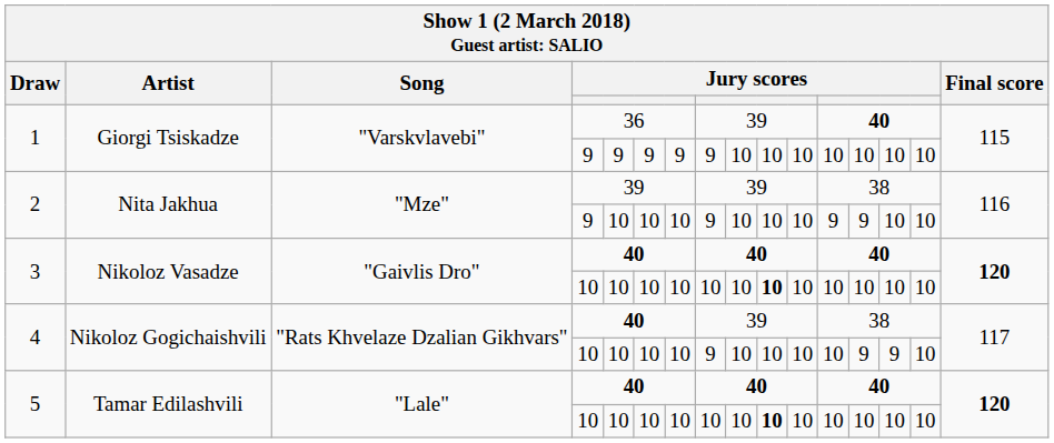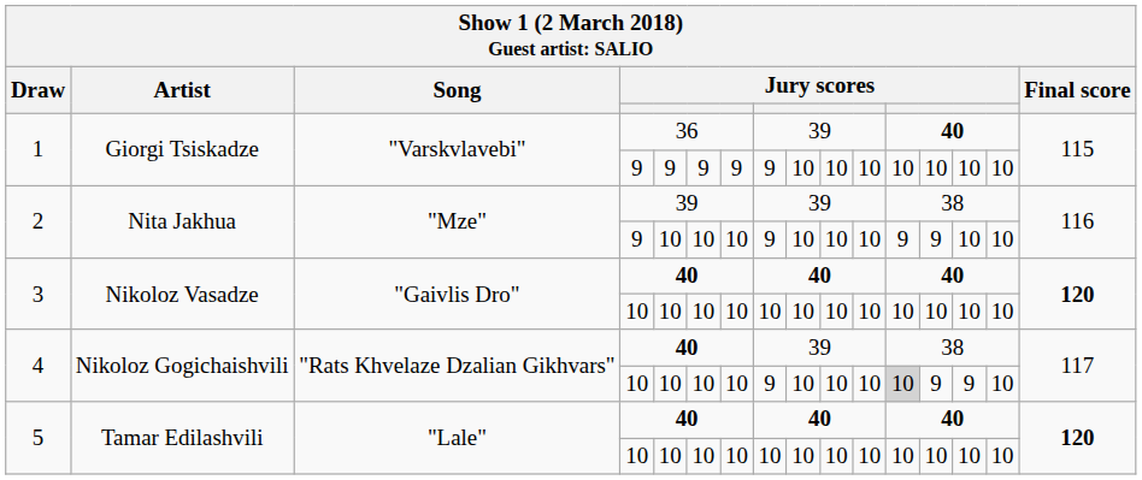 <table class="sortable wikitable" style="text-align:center;margin:1em auto 1em auto">
 <tr>
 <th colspan="16">Show 1 (2 March 2018)<br><small>Guest artist: SALIO</small></th>
 </tr>
 <tr>
 <th rowspan="2" scope="col">Draw</th>
 <th rowspan="2" scope="col">Artist</th>
 <th rowspan="2" scope="col">Song</th>
 <th colspan="12" scope="col">Jury scores</th>
 <th rowspan="2" scope="col">Final score</th>
 </tr>
 <tr>
 <th colspan="4" class="unsortable" scope="col"><small></small></th>
 <th colspan="4" class="unsortable" scope="col"><small></small></th>
 <th colspan="4" class="unsortable" scope="col"><small></small></th>
 </tr>
 <tr>
 <td rowspan="2">1</td>
 <td rowspan="2">Giorgi Tsiskadze</td>
 <td rowspan="2">"Varskvlavebi"<br></td>
 <td colspan="4">36</td>
 <td colspan="4">39</td>
 <td colspan="4"><strong>40</strong></td>
 <td rowspan="2">115</td>
 </tr>
 <tr>
 <td>9</td>
 <td>9</td>
 <td>9</td>
 <td>9</td>
 <td>9</td>
 <td>10</td>
 <td>10</td>
 <td>10</td>
 <td>10</td>
 <td>10</td>
 <td>10</td>
 <td>10</td>
 </tr>
 <tr>
 <td rowspan="2">2</td>
 <td rowspan="2">Nita Jakhua</td>
 <td rowspan="2">"Mze"<br></td>
 <td colspan="4">39</td>
 <td colspan="4">39</td>
 <td colspan="4">38</td>
 <td rowspan="2">116</td>
 </tr>
 <tr>
 <td>9</td>
 <td>10</td>
 <td>10</td>
 <td>10</td>
 <td>9</td>
 <td>10</td>
 <td>10</td>
 <td>10</td>
 <td>9</td>
 <td>9</td>
 <td>10</td>
 <td>10</td>
 </tr>
 <tr>
 <td rowspan="2">3</td>
 <td rowspan="2">Nikoloz Vasadze</td>
 <td rowspan="2">"Gaivlis Dro"<br></td>
 <td colspan="4"><strong>40</strong></td>
 <td colspan="4"><strong>40</strong></td>
 <td colspan="4"><strong>40</strong></td>
 <td rowspan="2"><strong>120</strong></td>
 </tr>
 <tr>
 <td>10</td>
 <td>10</td>
 <td>10</td>
 <td>10</td>
 <td>10</td>
 <td>10</td>
-<td><strong>10</strong></td>
+<td>10</td>
 <td>10</td>
 <td>10</td>
 <td>10</td>
 <td>10</td>
 <td>10</td>
 </tr>
 <tr>
 <td rowspan="2">4</td>
 <td rowspan="2">Nikoloz Gogichaishvili</td>
 <td rowspan="2">"Rats Khvelaze Dzalian Gikhvars"<br></td>
 <td colspan="4"><strong>40</strong></td>
 <td colspan="4">39</td>
 <td colspan="4">38</td>
 <td rowspan="2">117</td>
 </tr>
 <tr>
 <td>10</td>
 <td>10</td>
 <td>10</td>
 <td>10</td>
 <td>9</td>
 <td>10</td>
 <td>10</td>
 <td>10</td>
-<td>10</td>
+<td style="background: lightgrey;">10</td>
 <td>9</td>
 <td>9</td>
 <td>10</td>
 </tr>
 <tr>
 <td rowspan="2">5</td>
 <td rowspan="2">Tamar Edilashvili</td>
 <td rowspan="2">"Lale"<br></td>
 <td colspan="4"><strong>40</strong></td>
 <td colspan="4"><strong>40</strong></td>
 <td colspan="4"><strong>40</strong></td>
 <td rowspan="2"><strong>120</strong></td>
 </tr>
 <tr>
 <td>10</td>
 <td>10</td>
 <td>10</td>
 <td>10</td>
 <td>10</td>
 <td>10</td>
-<td><strong>10</strong></td>
+<td>10</td>
 <td>10</td>
 <td>10</td>
 <td>10</td>
 <td>10</td>
 <td>10</td>
 </tr>
 </table>
